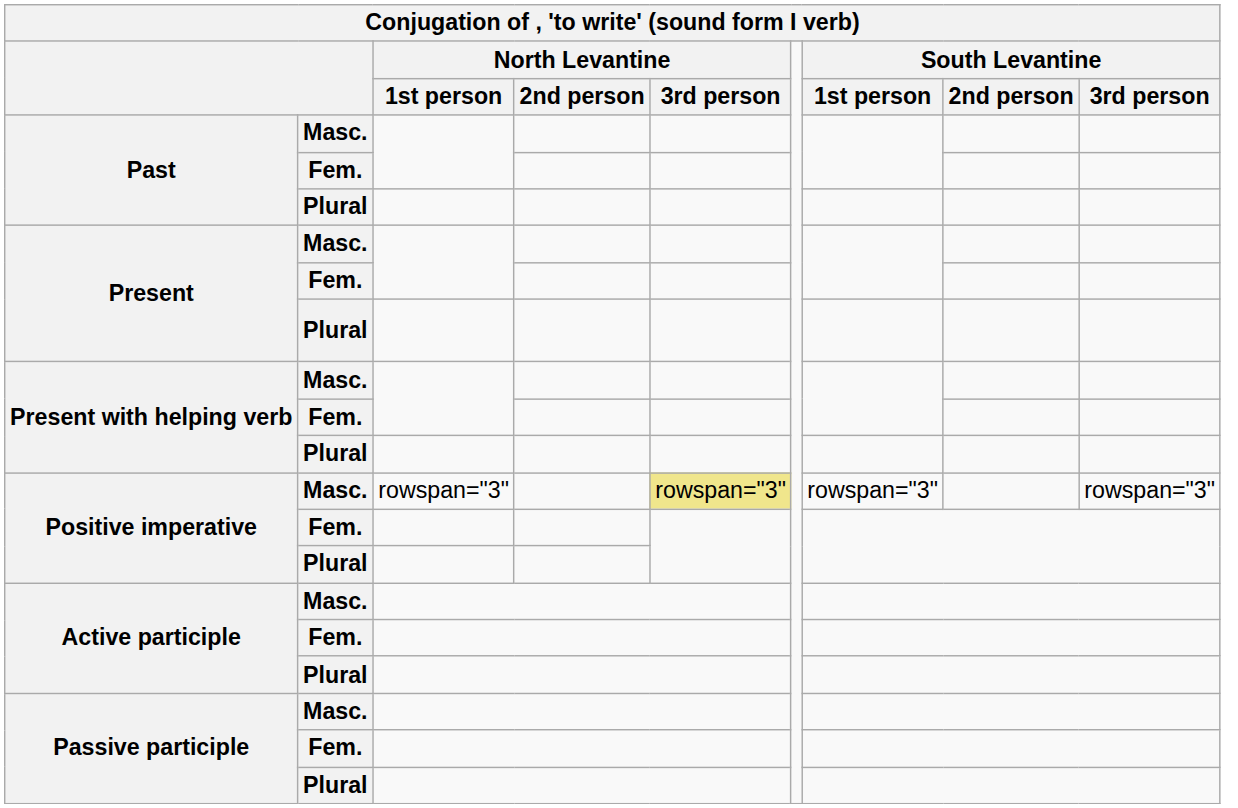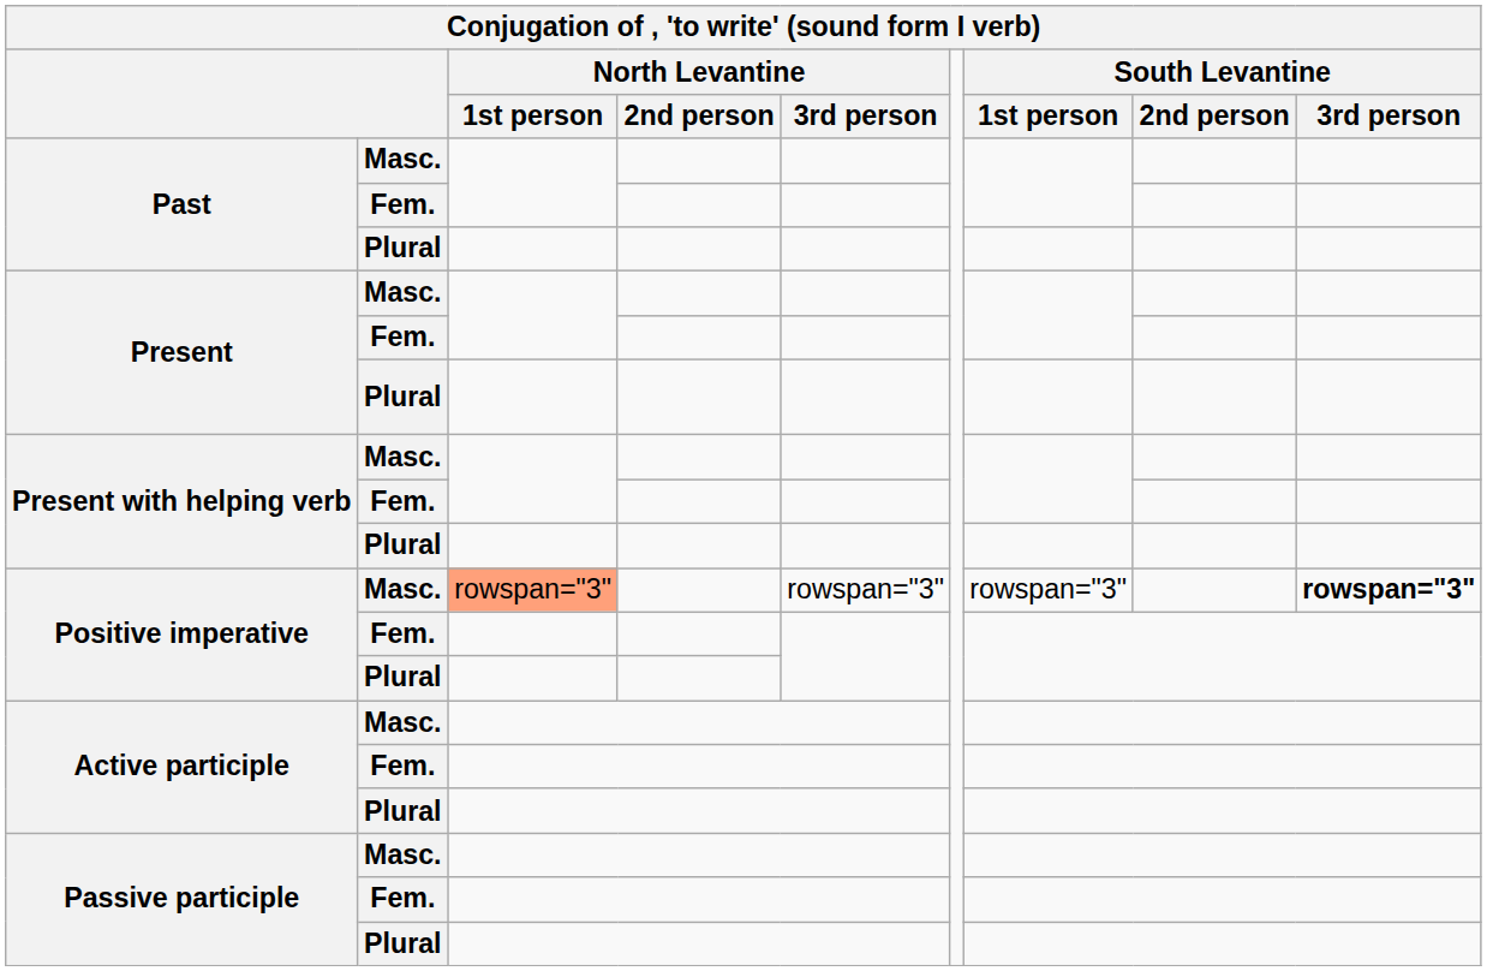 <table class="wikitable" style="text-align:center;">
 <tr>
 <th colspan="9">Conjugation of , 'to write' (sound form I verb)</th>
 </tr>
 <tr>
 <th colspan="2" rowspan="2"></th>
 <th colspan="3">North Levantine</th>
 <td rowspan="20"></td>
 <th colspan="3">South Levantine</th>
 </tr>
 <tr>
 <th>1st person</th>
 <th>2nd person</th>
 <th>3rd person</th>
 <th>1st person</th>
 <th>2nd person</th>
 <th>3rd person</th>
 </tr>
 <tr>
 <th rowspan="3">Past</th>
 <th>Masc.</th>
 <td rowspan="2"> </td>
 <td> </td>
 <td> </td>
 <td rowspan="2"> </td>
 <td> </td>
 <td> </td>
 </tr>
 <tr>
 <th>Fem.</th>
 <td> </td>
 <td> </td>
 <td> </td>
 <td> </td>
 </tr>
 <tr>
 <th>Plural</th>
 <td> </td>
 <td> </td>
 <td> </td>
 <td> </td>
 <td> </td>
 <td> </td>
 </tr>
 <tr>
 <th rowspan="3">Present</th>
 <th>Masc.</th>
 <td rowspan="2"> </td>
 <td> </td>
 <td> </td>
 <td rowspan="2"> </td>
 <td> </td>
 <td> </td>
 </tr>
 <tr>
 <th>Fem.</th>
 <td> </td>
 <td> </td>
 <td> </td>
 <td> </td>
 </tr>
 <tr>
 <th>Plural</th>
 <td> </td>
 <td> </td>
 <td> </td>
 <td> <br> <br></td>
 <td> </td>
 <td> </td>
 </tr>
 <tr>
 <th rowspan="3">Present with helping verb</th>
 <th>Masc.</th>
 <td rowspan="2"> </td>
 <td> </td>
 <td> </td>
 <td rowspan="2"> </td>
 <td> </td>
 <td> </td>
 </tr>
 <tr>
 <th>Fem.</th>
 <td> </td>
 <td> </td>
 <td> </td>
 <td> </td>
 </tr>
 <tr>
 <th>Plural</th>
 <td> </td>
 <td> </td>
 <td> </td>
 <td> </td>
 <td> </td>
 <td> </td>
 </tr>
 <tr>
 <th rowspan="3">Positive imperative</th>
 <th>Masc.</th>
+<td style="background: lightsalmon;">rowspan="3" </td>
+<td> </td>
+<td>rowspan="3" </td>
 <td>rowspan="3" </td>
 <td> </td>
-<td style="background: khaki;">rowspan="3" </td>
-<td>rowspan="3" </td>
-<td> </td>
-<td>rowspan="3" </td>
+<td><strong>rowspan="3" </strong></td>
 </tr>
 <tr>
 <th>Fem.</th>
 <td> </td>
 <td> </td>
 </tr>
 <tr>
 <th>Plural</th>
 <td> </td>
 <td> </td>
 </tr>
 <tr>
 <th rowspan="3">Active participle</th>
 <th>Masc.</th>
 <td colspan="3"> </td>
 <td colspan="3"> </td>
 </tr>
 <tr>
 <th>Fem.</th>
 <td colspan="3"> </td>
 <td colspan="3"> </td>
 </tr>
 <tr>
 <th>Plural</th>
 <td colspan="3"> </td>
 <td colspan="3"> </td>
 </tr>
 <tr>
 <th rowspan="3">Passive participle</th>
 <th>Masc.</th>
 <td colspan="3"> </td>
 <td colspan="3"> </td>
 </tr>
 <tr>
 <th>Fem.</th>
 <td colspan="3"> </td>
 <td colspan="3"> </td>
 </tr>
 <tr>
 <th>Plural</th>
 <td colspan="3"> </td>
 <td colspan="3"> </td>
 </tr>
 </table>
